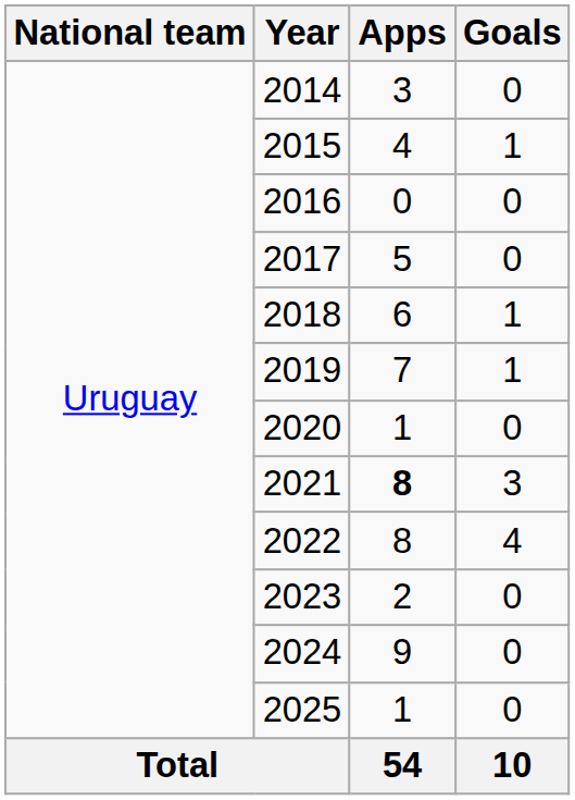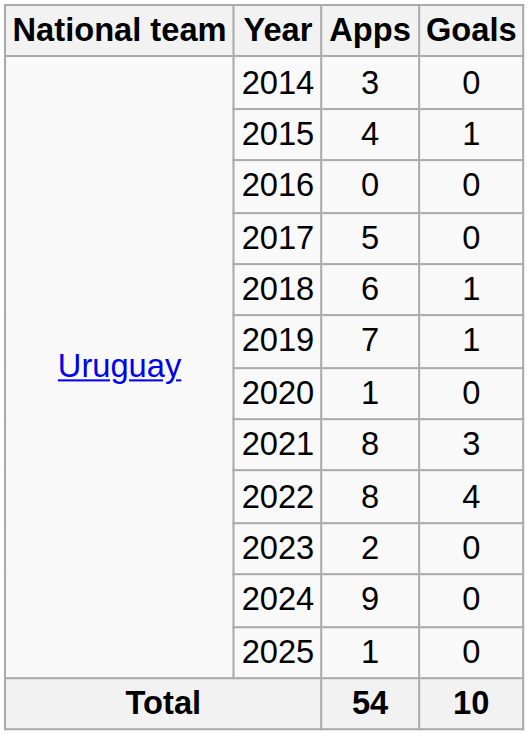 <table class="wikitable" style="text-align:center">
 <tr>
 <th>National team</th>
 <th>Year</th>
 <th>Apps</th>
 <th>Goals</th>
 </tr>
 <tr>
 <td rowspan=12><a href='#'>Uruguay</a></td>
 <td>2014</td>
 <td>3</td>
 <td>0</td>
 </tr>
 <tr>
 <td>2015</td>
 <td>4</td>
 <td>1</td>
 </tr>
 <tr>
 <td>2016</td>
 <td>0</td>
 <td>0</td>
 </tr>
 <tr>
 <td>2017</td>
 <td>5</td>
 <td>0</td>
 </tr>
 <tr>
 <td>2018</td>
 <td>6</td>
 <td>1</td>
 </tr>
 <tr>
 <td>2019</td>
 <td>7</td>
 <td>1</td>
 </tr>
 <tr>
 <td>2020</td>
 <td>1</td>
 <td>0</td>
 </tr>
 <tr>
 <td>2021</td>
-<td><strong>8</strong></td>
+<td>8</td>
 <td>3</td>
 </tr>
 <tr>
 <td>2022</td>
 <td>8</td>
 <td>4</td>
 </tr>
 <tr>
 <td>2023</td>
 <td>2</td>
 <td>0</td>
 </tr>
 <tr>
 <td>2024</td>
 <td>9</td>
 <td>0</td>
 </tr>
 <tr>
 <td>2025</td>
 <td>1</td>
 <td>0</td>
 </tr>
 <tr>
 <th colspan=2>Total</th>
 <th>54</th>
 <th>10</th>
 </tr>
 </table>
